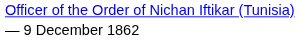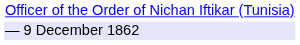 <table>
 <tr>
 <td rowspan=2 style="width:60px; vertical-align:top;"></td>
 <td><a href='#'>Officer of the Order of Nichan Iftikar (Tunisia)</a></td>
 </tr>
 <tr>
-<td>— 9 December 1862</td>
+<td style="background: lavender;">— 9 December 1862</td>
 </tr>
 </table>
